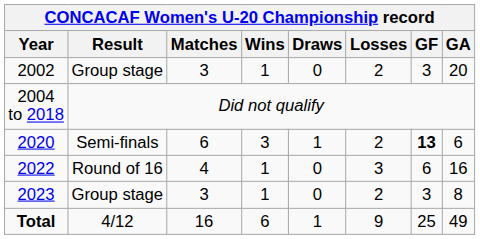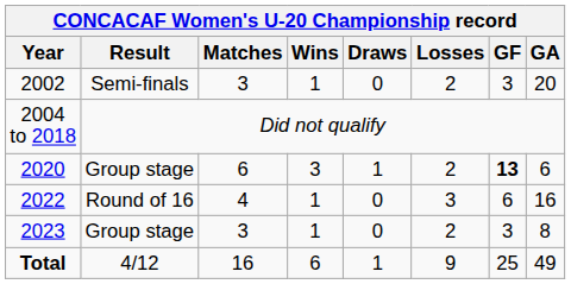 <table class="wikitable" style="text-align: center;">
 <tr>
 <th colspan=20><a href='#'>CONCACAF Women's U-20 Championship</a> record</th>
 </tr>
 <tr>
 <th>Year</th>
 <th>Result</th>
 <th>Matches</th>
 <th>Wins</th>
 <th>Draws</th>
 <th>Losses</th>
 <th>GF</th>
 <th>GA</th>
 </tr>
 <tr>
 <td> 2002</td>
-<td>Group stage</td>
+<td>Semi-finals</td>
 <td>3</td>
 <td>1</td>
 <td>0</td>
 <td>2</td>
 <td>3</td>
 <td>20</td>
 </tr>
 <tr>
 <td> 2004<br>to  <a href='#'>2018</a></td>
 <td colspan=9><em>Did not qualify</em></td>
 </tr>
 <tr>
 <td> <a href='#'>2020</a></td>
-<td>Semi-finals</td>
+<td>Group stage</td>
 <td>6</td>
 <td>3</td>
 <td>1</td>
 <td>2</td>
 <td><strong>13</strong></td>
 <td>6</td>
 </tr>
 <tr>
 <td> <a href='#'>2022</a></td>
 <td>Round of 16</td>
 <td>4</td>
 <td>1</td>
 <td>0</td>
 <td>3</td>
 <td>6</td>
 <td>16</td>
 </tr>
 <tr>
 <td> <a href='#'>2023</a></td>
 <td>Group stage</td>
 <td>3</td>
 <td>1</td>
 <td>0</td>
 <td>2</td>
 <td>3</td>
 <td>8</td>
 </tr>
 <tr>
 <td><strong>Total</strong></td>
 <td>4/12</td>
 <td>16</td>
 <td>6</td>
 <td>1</td>
 <td>9</td>
 <td>25</td>
 <td>49</td>
 </tr>
 </table>
